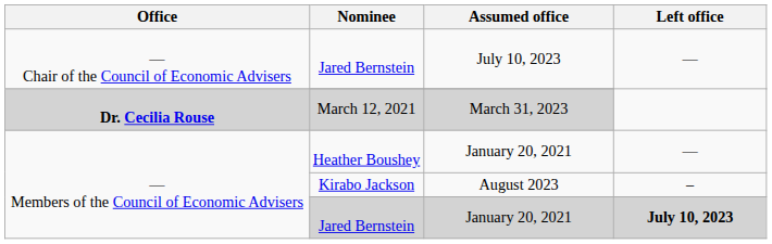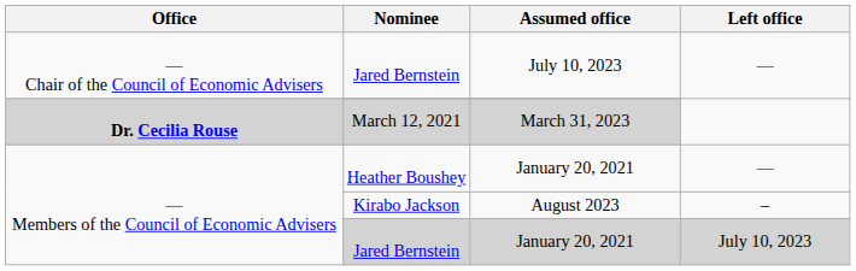 <table class="wikitable sortable" style="text-align:center">
 <tr>
 <th style="width:40%;">Office</th>
 <th style="width:15%;">Nominee</th>
 <th style="width:25%;" data-sort-type="date">Assumed office</th>
 <th style="width:20%;" data-sort-type="date">Left office</th>
 </tr>
 <tr>
 <td rowspan=2><br>—<br>Chair of the <a href='#'>Council of Economic Advisers</a></td>
 <td><br><a href='#'>Jared Bernstein</a></td>
 <td>July 10, 2023<br></td>
 <td>—</td>
 </tr>
 <tr>
 </tr>
 <tr style="background:lightgray;">
 <td><strong><br>Dr. <a href='#'>Cecilia Rouse</a></strong></td>
 <td>March 12, 2021<br></td>
 <td>March 31, 2023</td>
 </tr>
 <tr>
 <td rowspan=3><br>—<br>Members of the <a href='#'>Council of Economic Advisers</a></td>
 <td><br><a href='#'>Heather Boushey</a></td>
 <td>January 20, 2021</td>
 <td>—</td>
 </tr>
 <tr>
 <td><a href='#'>Kirabo Jackson</a></td>
 <td>August 2023</td>
 <td>–</td>
 </tr>
 <tr style="background:lightgray;">
 <td><br><a href='#'>Jared Bernstein</a></td>
 <td>January 20, 2021</td>
-<td><strong>July 10, 2023</strong></td>
+<td>July 10, 2023</td>
 </tr>
 </table>
